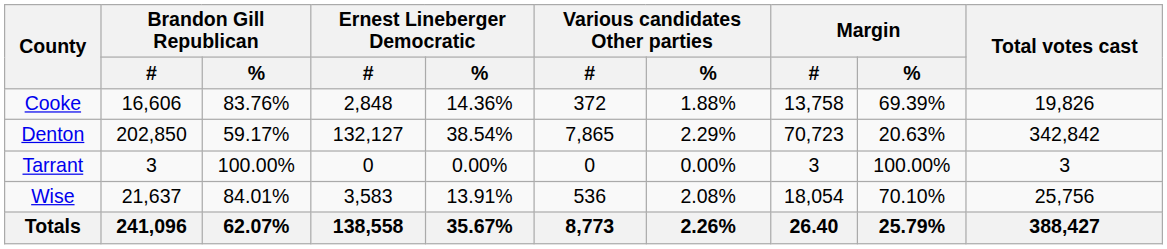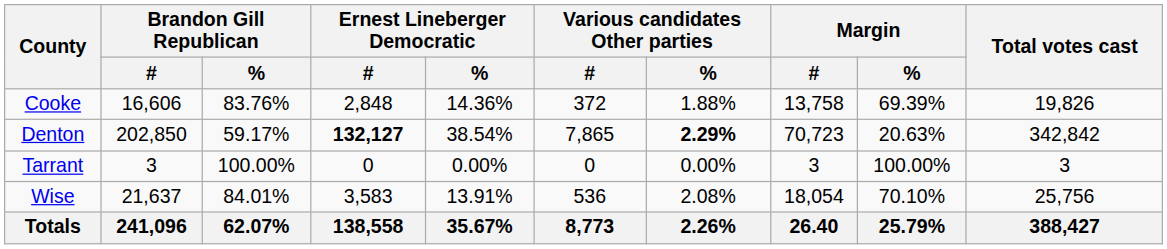 <table width="60%"  class="wikitable sortable" style="text-align:center">
 <tr>
 <th rowspan="2">County</th>
 <th style="text-align:center;" colspan="2">Brandon Gill<br>Republican</th>
 <th style="text-align:center;" colspan="2">Ernest Lineberger<br>Democratic</th>
 <th style="text-align:center;" colspan="2">Various candidates<br>Other parties</th>
 <th style="text-align:center;" colspan="2">Margin</th>
 <th rowspan="2" style="text-align:center;">Total votes cast</th>
 </tr>
 <tr>
 <th style="text-align:center;" data-sort-type="number">#</th>
 <th style="text-align:center;" data-sort-type="number">%</th>
 <th style="text-align:center;" data-sort-type="number">#</th>
 <th style="text-align:center;" data-sort-type="number">%</th>
 <th style="text-align:center;" data-sort-type="number">#</th>
 <th style="text-align:center;" data-sort-type="number">%</th>
 <th style="text-align:center;" data-sort-type="number">#</th>
 <th style="text-align:center;" data-sort-type="number">%</th>
 </tr>
 <tr style="text-align:center;">
 <td style="background-color:"><a href='#'>Cooke</a></td>
 <td style="background-color:">16,606</td>
 <td style="background-color:">83.76%</td>
 <td style="color:black;background-color:">2,848</td>
 <td style="color:black;background-color:">14.36%</td>
 <td style="background:">372</td>
 <td style="background:">1.88%</td>
 <td style="background-color:">13,758</td>
 <td style="background-color:">69.39%</td>
 <td style="background-color:">19,826</td>
 </tr>
 <tr style="text-align:center;">
 <td style="background-color:"><a href='#'>Denton</a></td>
 <td style="background-color:">202,850</td>
 <td style="background-color:">59.17%</td>
-<td style="color:black;background-color:">132,127</td>
+<td style="color:black;background-color:"><strong>132,127</strong></td>
 <td style="color:black;background-color:">38.54%</td>
 <td style="background:">7,865</td>
-<td style="background:">2.29%</td>
+<td style="background:"><strong>2.29%</strong></td>
 <td style="background-color:">70,723</td>
 <td style="background-color:">20.63%</td>
 <td style="background-color:">342,842</td>
 </tr>
 <tr style="text-align:center;">
 <td style="background-color:"><a href='#'>Tarrant</a></td>
 <td style="background-color:">3</td>
 <td style="background-color:">100.00%</td>
 <td style="color:black;background-color:">0</td>
 <td style="color:black;background-color:">0.00%</td>
 <td style="background:">0</td>
 <td style="background:">0.00%</td>
 <td style="background-color:">3</td>
 <td style="background-color:">100.00%</td>
 <td style="background-color:">3</td>
 </tr>
 <tr style="text-align:center;">
 <td style="background-color:"><a href='#'>Wise</a></td>
 <td style="background-color:">21,637</td>
 <td style="background-color:">84.01%</td>
 <td style="color:black;background-color:">3,583</td>
 <td style="color:black;background-color:">13.91%</td>
 <td style="background:">536</td>
 <td style="background:">2.08%</td>
 <td style="background-color:">18,054</td>
 <td style="background-color:">70.10%</td>
 <td style="background-color:">25,756</td>
 </tr>
 <tr style="text-align:center;">
 <th>Totals</th>
 <th>241,096</th>
 <th>62.07%</th>
 <th>138,558</th>
 <th>35.67%</th>
 <th>8,773</th>
 <th>2.26%</th>
 <th>26.40</th>
 <th>25.79%</th>
 <th>388,427</th>
 </tr>
 </table>
